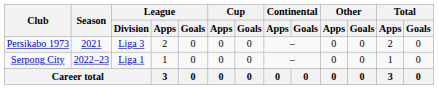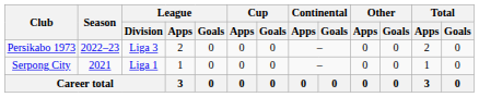 <table class="wikitable" style="text-align: center">
 <tr>
 <th rowspan="2">Club</th>
 <th rowspan="2">Season</th>
 <th colspan="3">League</th>
 <th colspan="2">Cup</th>
 <th colspan="2">Continental</th>
 <th colspan="2">Other</th>
 <th colspan="2">Total</th>
 </tr>
 <tr>
 <th>Division</th>
 <th>Apps</th>
 <th>Goals</th>
 <th>Apps</th>
 <th>Goals</th>
 <th>Apps</th>
 <th>Goals</th>
 <th>Apps</th>
 <th>Goals</th>
 <th>Apps</th>
 <th>Goals</th>
 </tr>
 <tr>
 <td rowspan="1"><a href='#'>Persikabo 1973</a></td>
-<td><a href='#'>2021</a></td>
+<td><a href='#'>2022–23</a></td>
 <td rowspan="1" valign="center"><a href='#'>Liga 3</a></td>
 <td>2</td>
 <td>0</td>
 <td>0</td>
 <td>0</td>
 <td colspan="2">–</td>
 <td>0</td>
 <td>0</td>
 <td>2</td>
 <td>0</td>
 </tr>
 <tr>
 <td rowspan="1"><a href='#'>Serpong City</a></td>
-<td><a href='#'>2022–23</a></td>
+<td><a href='#'>2021</a></td>
 <td rowspan="1" valign="center"><a href='#'>Liga 1</a></td>
 <td>1</td>
 <td>0</td>
 <td>0</td>
 <td>0</td>
 <td colspan="2">–</td>
 <td>0</td>
 <td>0</td>
 <td>1</td>
 <td>0</td>
 </tr>
 <tr>
 <th colspan=3>Career total</th>
 <th>3</th>
 <th>0</th>
 <th>0</th>
 <th>0</th>
 <th>0</th>
 <th>0</th>
 <th>0</th>
 <th>0</th>
 <th>3</th>
 <th>0</th>
 </tr>
 </table>
